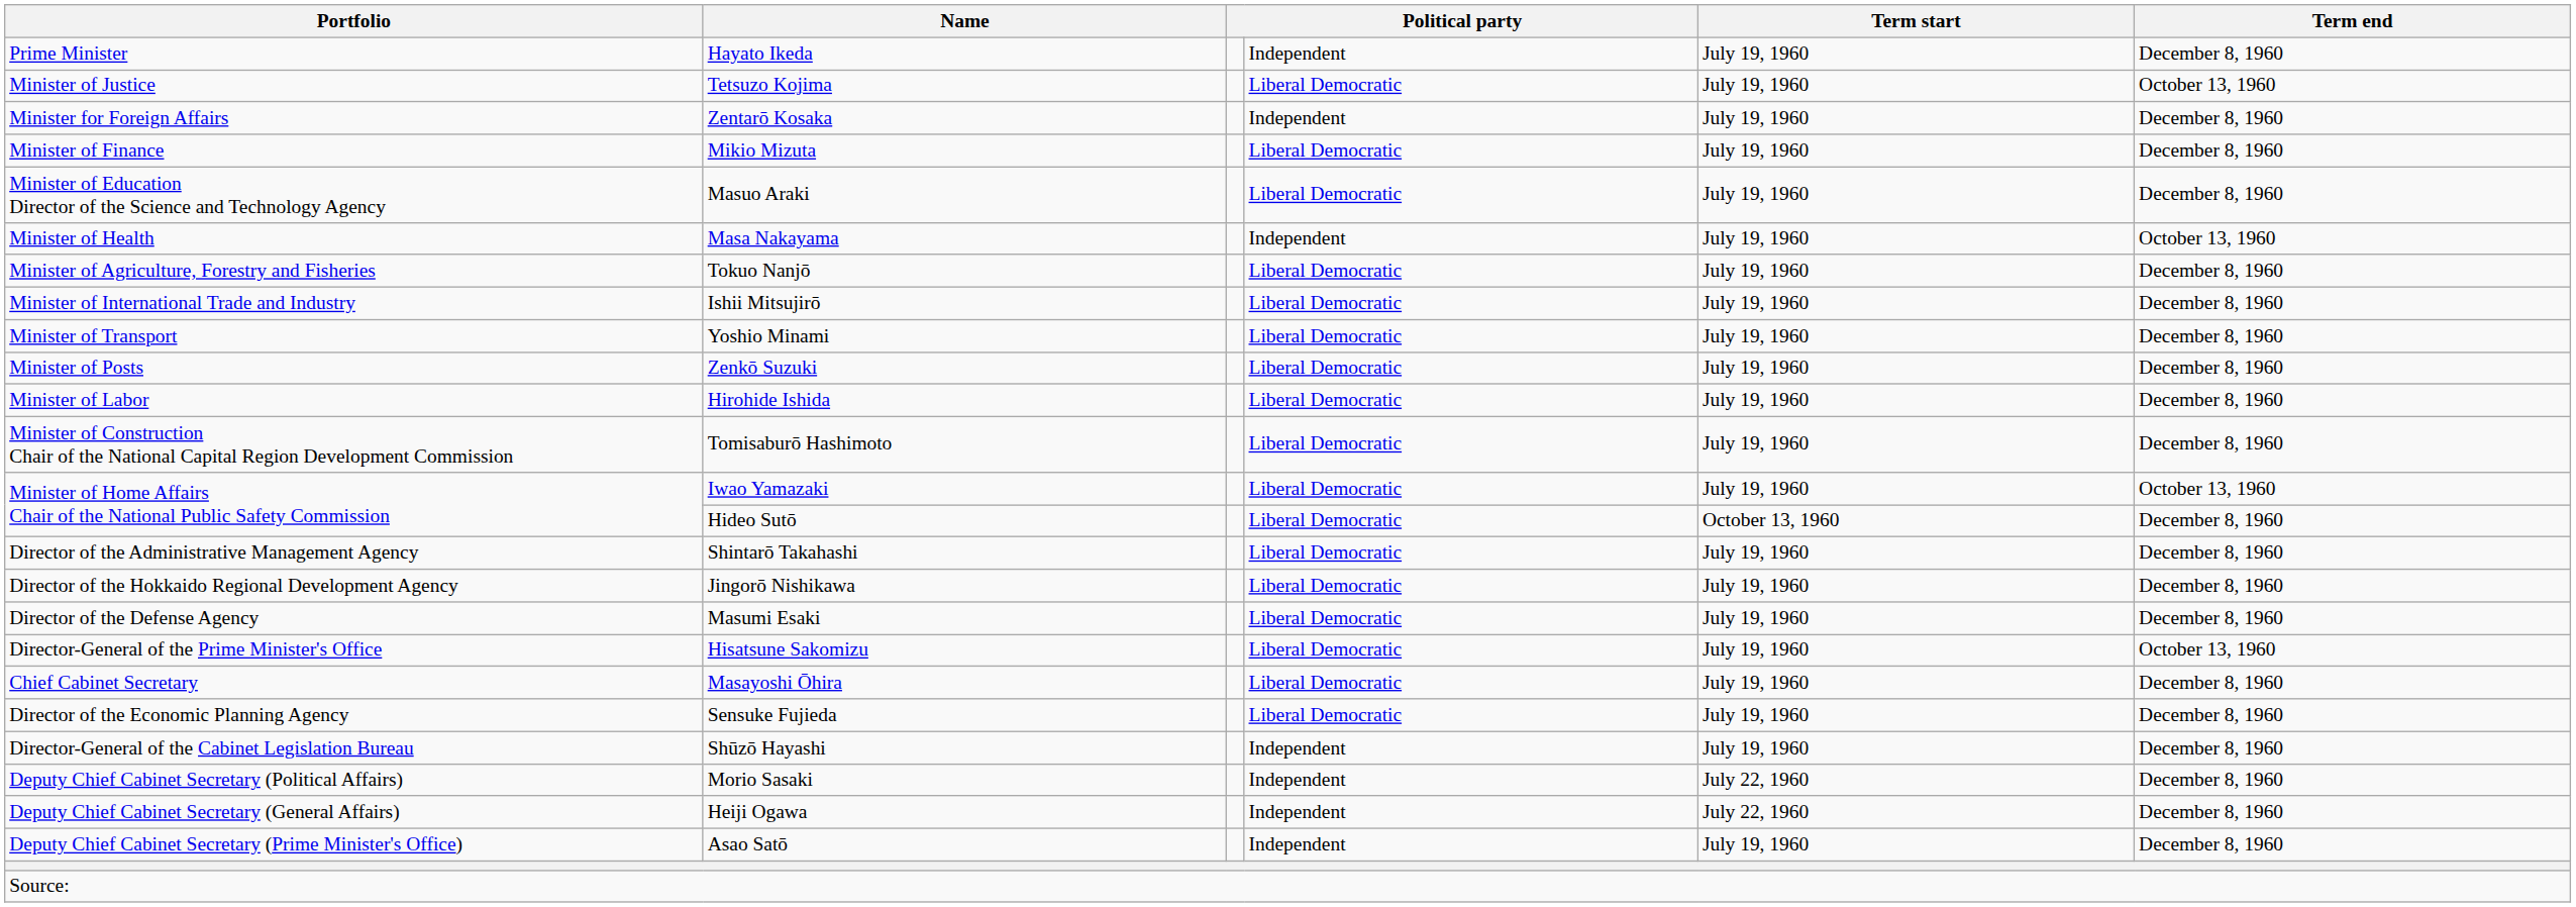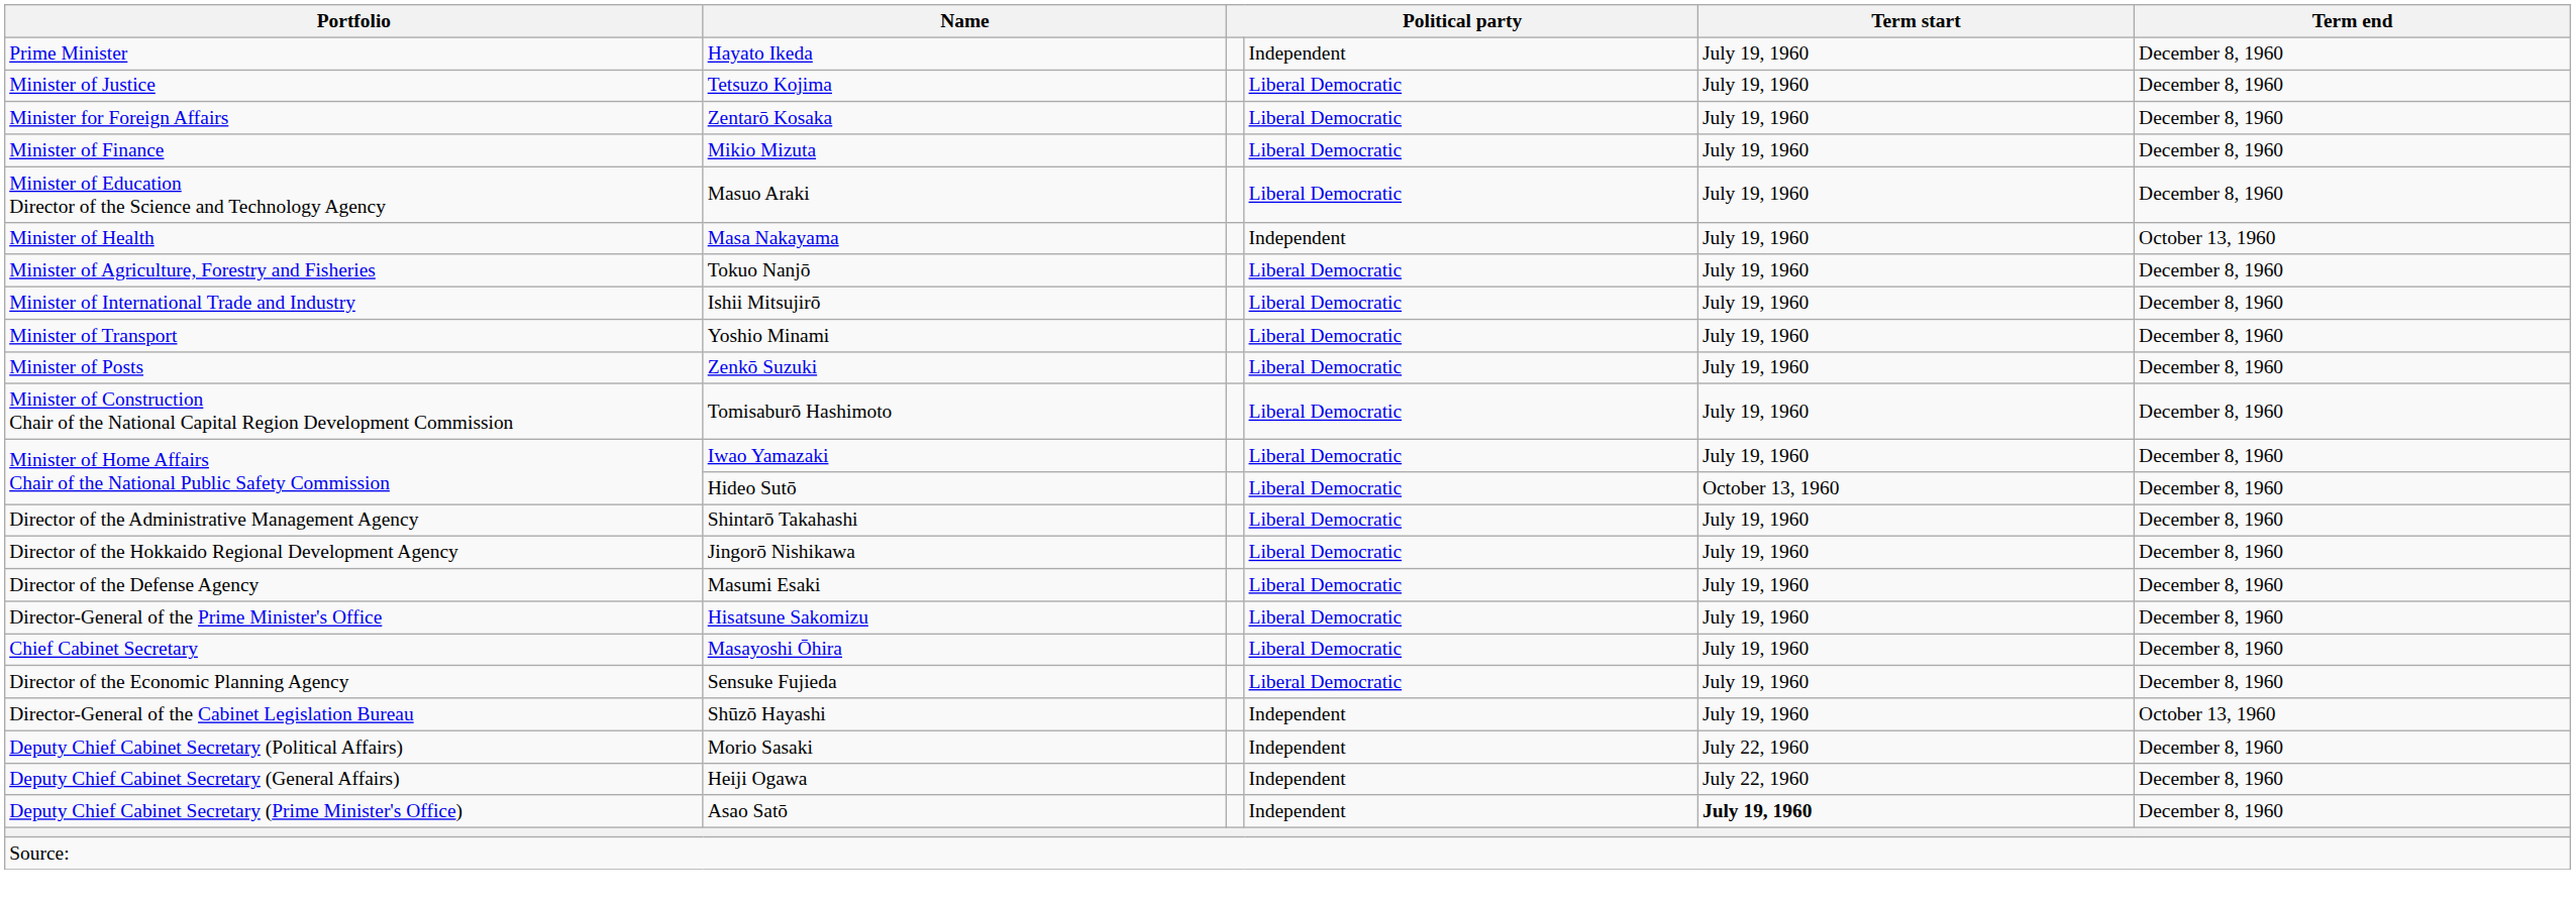 <table class="wikitable" style="font-size: 90%;">
 <tr>
 <th scope="col" width="20%">Portfolio</th>
 <th scope="col" width="15%">Name</th>
 <th colspan="2" scope="col" width="13.5%">Political party</th>
 <th scope="col" width="12.5%">Term start</th>
 <th scope="col" width="12.5%">Term end</th>
 </tr>
 <tr>
 <td style="text-align: left;"><a href='#'>Prime Minister</a></td>
 <td><a href='#'>Hayato Ikeda</a></td>
 <td width="0.5%" style="background:"></td>
 <td>Independent</td>
 <td>July 19, 1960</td>
 <td>December 8, 1960</td>
 </tr>
 <tr>
 <td><a href='#'>Minister of Justice</a></td>
 <td><a href='#'>Tetsuzo Kojima</a></td>
 <td style="color:inherit;background:"></td>
 <td><a href='#'>Liberal Democratic</a></td>
 <td>July 19, 1960</td>
-<td>October 13, 1960</td>
+<td>December 8, 1960</td>
 </tr>
 <tr>
 <td><a href='#'>Minister for Foreign Affairs</a></td>
 <td><a href='#'>Zentarō Kosaka</a></td>
 <td style="color:inherit;background:"></td>
-<td>Independent</td>
+<td><a href='#'>Liberal Democratic</a></td>
 <td>July 19, 1960</td>
 <td>December 8, 1960</td>
 </tr>
 <tr>
 <td><a href='#'>Minister of Finance</a></td>
 <td><a href='#'>Mikio Mizuta</a></td>
 <td style="color:inherit;background:"></td>
 <td><a href='#'>Liberal Democratic</a></td>
 <td>July 19, 1960</td>
 <td>December 8, 1960</td>
 </tr>
 <tr>
 <td><a href='#'>Minister of Education</a><br>Director of the Science and Technology Agency</td>
 <td>Masuo Araki</td>
 <td style="color:inherit;background:"></td>
 <td><a href='#'>Liberal Democratic</a></td>
 <td>July 19, 1960</td>
 <td>December 8, 1960</td>
 </tr>
 <tr>
 <td><a href='#'>Minister of Health</a></td>
 <td><a href='#'>Masa Nakayama</a></td>
 <td style="color:inherit;background:"></td>
 <td>Independent</td>
 <td>July 19, 1960</td>
 <td>October 13, 1960</td>
 </tr>
 <tr>
 <td><a href='#'>Minister of Agriculture, Forestry and Fisheries</a></td>
 <td>Tokuo Nanjō</td>
 <td style="color:inherit;background:"></td>
 <td><a href='#'>Liberal Democratic</a></td>
 <td>July 19, 1960</td>
 <td>December 8, 1960</td>
 </tr>
 <tr>
 <td><a href='#'>Minister of International Trade and Industry</a></td>
 <td>Ishii Mitsujirō</td>
 <td style="color:inherit;background:"></td>
 <td><a href='#'>Liberal Democratic</a></td>
 <td>July 19, 1960</td>
 <td>December 8, 1960</td>
 </tr>
 <tr>
 <td><a href='#'>Minister of Transport</a></td>
 <td>Yoshio Minami</td>
 <td style="color:inherit;background:"></td>
 <td><a href='#'>Liberal Democratic</a></td>
 <td>July 19, 1960</td>
 <td>December 8, 1960</td>
 </tr>
 <tr>
 <td><a href='#'>Minister of Posts</a></td>
 <td><a href='#'>Zenkō Suzuki</a></td>
 <td style="color:inherit;background:"></td>
 <td><a href='#'>Liberal Democratic</a></td>
 <td>July 19, 1960</td>
 <td>December 8, 1960</td>
 </tr>
 <tr>
-<td><a href='#'>Minister of Labor</a></td>
-<td><a href='#'>Hirohide Ishida</a></td>
-<td style="color:inherit;background:"></td>
-<td><a href='#'>Liberal Democratic</a></td>
-<td>July 19, 1960</td>
-<td>December 8, 1960</td>
-</tr>
-<tr>
 <td><a href='#'>Minister of Construction</a><br>Chair of the National Capital Region Development Commission</td>
 <td>Tomisaburō Hashimoto</td>
 <td style="color:inherit;background:"></td>
 <td><a href='#'>Liberal Democratic</a></td>
 <td>July 19, 1960</td>
 <td>December 8, 1960</td>
 </tr>
 <tr>
 <td rowspan="2"><a href='#'>Minister of Home Affairs</a><br><a href='#'>Chair of the National Public Safety Commission</a></td>
 <td><a href='#'>Iwao Yamazaki</a></td>
 <td style="color:inherit;background:"></td>
 <td><a href='#'>Liberal Democratic</a></td>
 <td>July 19, 1960</td>
-<td>October 13, 1960</td>
+<td>December 8, 1960</td>
 </tr>
 <tr>
 <td>Hideo Sutō</td>
 <td style="color:inherit;background:"></td>
 <td><a href='#'>Liberal Democratic</a></td>
 <td>October 13, 1960</td>
 <td>December 8, 1960</td>
 </tr>
 <tr>
 <td>Director of the Administrative Management Agency</td>
 <td>Shintarō Takahashi</td>
 <td style="color:inherit;background:"></td>
 <td><a href='#'>Liberal Democratic</a></td>
 <td>July 19, 1960</td>
 <td>December 8, 1960</td>
 </tr>
 <tr>
 <td>Director of the Hokkaido Regional Development Agency</td>
 <td>Jingorō Nishikawa</td>
 <td style="color:inherit;background:"></td>
 <td><a href='#'>Liberal Democratic</a></td>
 <td>July 19, 1960</td>
 <td>December 8, 1960</td>
 </tr>
 <tr>
 <td>Director of the Defense Agency</td>
 <td>Masumi Esaki</td>
 <td style="color:inherit;background:"></td>
 <td><a href='#'>Liberal Democratic</a></td>
 <td>July 19, 1960</td>
 <td>December 8, 1960</td>
 </tr>
 <tr>
 <td>Director-General of the <a href='#'>Prime Minister's Office</a></td>
 <td><a href='#'>Hisatsune Sakomizu</a></td>
 <td style="color:inherit;background:"></td>
 <td><a href='#'>Liberal Democratic</a></td>
 <td>July 19, 1960</td>
-<td>October 13, 1960</td>
+<td>December 8, 1960</td>
 </tr>
 <tr>
 <td><a href='#'>Chief Cabinet Secretary</a></td>
 <td><a href='#'>Masayoshi Ōhira</a></td>
 <td style="color:inherit;background:"></td>
 <td><a href='#'>Liberal Democratic</a></td>
 <td>July 19, 1960</td>
 <td>December 8, 1960</td>
 </tr>
 <tr>
 <td>Director of the Economic Planning Agency</td>
 <td>Sensuke Fujieda</td>
 <td style="color:inherit;background:"></td>
 <td><a href='#'>Liberal Democratic</a></td>
 <td>July 19, 1960</td>
 <td>December 8, 1960</td>
 </tr>
 <tr>
 <td>Director-General of the <a href='#'>Cabinet Legislation Bureau</a></td>
 <td>Shūzō Hayashi</td>
 <td style="color:inherit;background:"></td>
 <td>Independent</td>
 <td>July 19, 1960</td>
-<td>December 8, 1960</td>
+<td>October 13, 1960</td>
 </tr>
 <tr>
 <td><a href='#'>Deputy Chief Cabinet Secretary</a> (Political Affairs)</td>
 <td>Morio Sasaki</td>
 <td style="color:inherit;background:"></td>
 <td>Independent</td>
 <td>July 22, 1960</td>
 <td>December 8, 1960</td>
 </tr>
 <tr>
 <td><a href='#'>Deputy Chief Cabinet Secretary</a> (General Affairs)</td>
 <td>Heiji Ogawa</td>
 <td style="color:inherit;background:"></td>
 <td>Independent</td>
 <td>July 22, 1960</td>
 <td>December 8, 1960</td>
 </tr>
 <tr>
 <td><a href='#'>Deputy Chief Cabinet Secretary</a> (<a href='#'>Prime Minister's Office</a>)</td>
 <td>Asao Satō</td>
 <td style="color:inherit;background:"></td>
 <td>Independent</td>
-<td>July 19, 1960</td>
+<td><strong>July 19, 1960</strong></td>
 <td>December 8, 1960</td>
 </tr>
 <tr>
 <th colspan="6"></th>
 </tr>
 <tr>
 <td colspan="6">Source:</td>
 </tr>
 </table>
